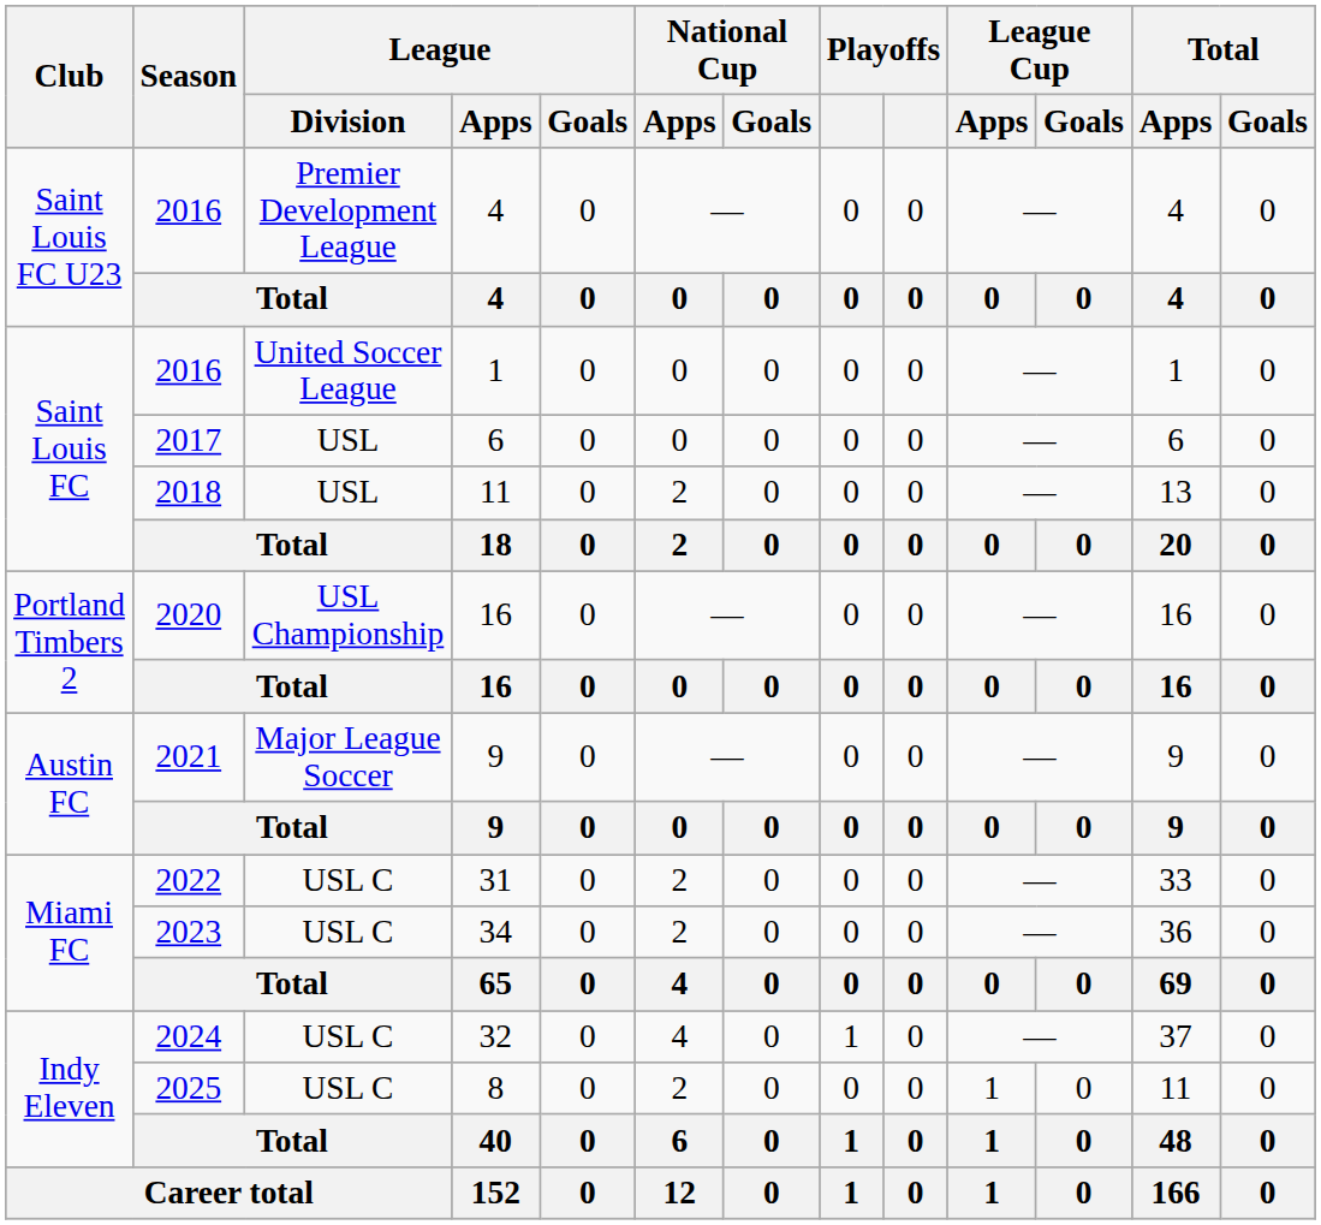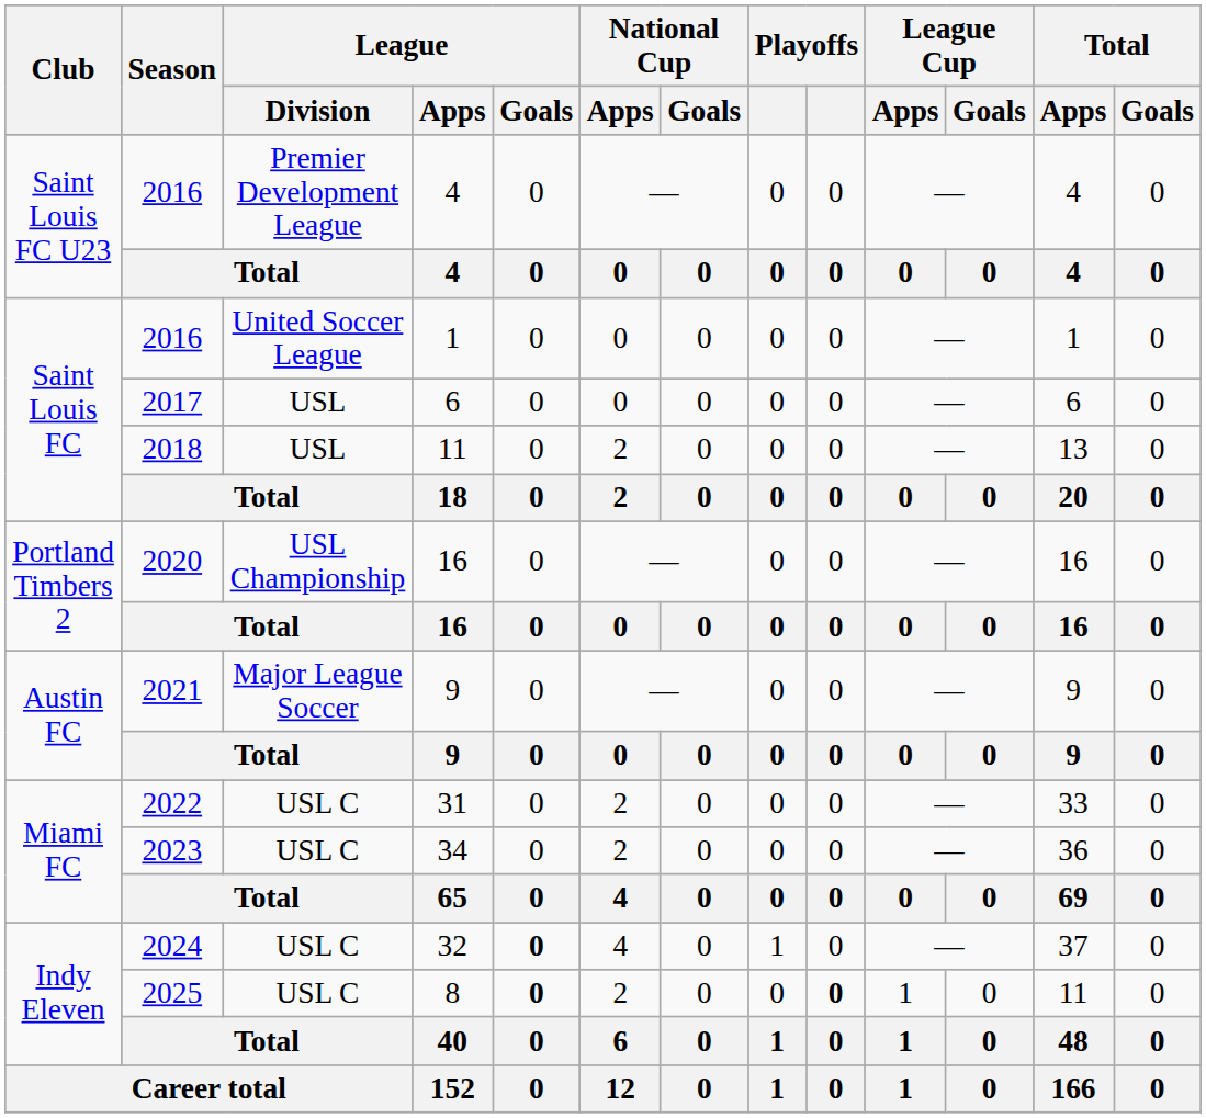 <table class=wikitable style=text-align:center>
 <tr>
 <th rowspan=2>Club</th>
 <th rowspan=2>Season</th>
 <th colspan=3>League</th>
 <th colspan=2>National Cup</th>
 <th colspan="2">Playoffs</th>
 <th colspan="2">League Cup</th>
 <th colspan=2>Total</th>
 </tr>
 <tr>
 <th>Division</th>
 <th>Apps</th>
 <th>Goals</th>
 <th>Apps</th>
 <th>Goals</th>
 <th></th>
 <th></th>
 <th>Apps</th>
 <th>Goals</th>
 <th>Apps</th>
 <th>Goals</th>
 </tr>
 <tr>
 <td rowspan="2"><a href='#'>Saint Louis FC U23</a></td>
 <td><a href='#'>2016</a></td>
 <td><a href='#'>Premier Development League</a></td>
 <td>4</td>
 <td>0</td>
 <td colspan=2>—</td>
 <td>0</td>
 <td>0</td>
 <td colspan="2">—</td>
 <td>4</td>
 <td>0</td>
 </tr>
 <tr>
 <th colspan="2">Total</th>
 <th>4</th>
 <th>0</th>
 <th>0</th>
 <th>0</th>
 <th>0</th>
 <th>0</th>
 <th>0</th>
 <th>0</th>
 <th>4</th>
 <th>0</th>
 </tr>
 <tr>
 <td rowspan="4"><a href='#'>Saint Louis FC</a></td>
 <td><a href='#'>2016</a></td>
 <td><a href='#'>United Soccer League</a></td>
 <td>1</td>
 <td>0</td>
 <td>0</td>
 <td>0</td>
 <td>0</td>
 <td>0</td>
 <td colspan="2">—</td>
 <td>1</td>
 <td>0</td>
 </tr>
 <tr>
 <td><a href='#'>2017</a></td>
 <td>USL</td>
 <td>6</td>
 <td>0</td>
 <td>0</td>
 <td>0</td>
 <td>0</td>
 <td>0</td>
 <td colspan="2">—</td>
 <td>6</td>
 <td>0</td>
 </tr>
 <tr>
 <td><a href='#'>2018</a></td>
 <td>USL</td>
 <td>11</td>
 <td>0</td>
 <td>2</td>
 <td>0</td>
 <td>0</td>
 <td>0</td>
 <td colspan="2">—</td>
 <td>13</td>
 <td>0</td>
 </tr>
 <tr>
 <th colspan="2">Total</th>
 <th>18</th>
 <th>0</th>
 <th>2</th>
 <th>0</th>
 <th>0</th>
 <th>0</th>
 <th>0</th>
 <th>0</th>
 <th>20</th>
 <th>0</th>
 </tr>
 <tr>
 <td rowspan="2"><a href='#'>Portland Timbers 2</a></td>
 <td><a href='#'>2020</a></td>
 <td><a href='#'>USL Championship</a></td>
 <td>16</td>
 <td>0</td>
 <td colspan="2">—</td>
 <td>0</td>
 <td>0</td>
 <td colspan="2">—</td>
 <td>16</td>
 <td>0</td>
 </tr>
 <tr>
 <th colspan="2">Total</th>
 <th>16</th>
 <th>0</th>
 <th>0</th>
 <th>0</th>
 <th>0</th>
 <th>0</th>
 <th>0</th>
 <th>0</th>
 <th>16</th>
 <th>0</th>
 </tr>
 <tr>
 <td rowspan="2"><a href='#'>Austin FC</a></td>
 <td><a href='#'>2021</a></td>
 <td><a href='#'>Major League Soccer</a></td>
 <td>9</td>
 <td>0</td>
 <td colspan="2">—</td>
 <td>0</td>
 <td>0</td>
 <td colspan="2">—</td>
 <td>9</td>
 <td>0</td>
 </tr>
 <tr>
 <th colspan="2">Total</th>
 <th>9</th>
 <th>0</th>
 <th>0</th>
 <th>0</th>
 <th>0</th>
 <th>0</th>
 <th>0</th>
 <th>0</th>
 <th>9</th>
 <th>0</th>
 </tr>
 <tr>
 <td rowspan="3"><a href='#'>Miami FC</a></td>
 <td><a href='#'>2022</a></td>
 <td>USL C</td>
 <td>31</td>
 <td>0</td>
 <td>2</td>
 <td>0</td>
 <td>0</td>
 <td>0</td>
 <td colspan="2">—</td>
 <td>33</td>
 <td>0</td>
 </tr>
 <tr>
 <td><a href='#'>2023</a></td>
 <td>USL C</td>
 <td>34</td>
 <td>0</td>
 <td>2</td>
 <td>0</td>
 <td>0</td>
 <td>0</td>
 <td colspan="2">—</td>
 <td>36</td>
 <td>0</td>
 </tr>
 <tr>
 <th colspan="2">Total</th>
 <th>65</th>
 <th>0</th>
 <th>4</th>
 <th>0</th>
 <th>0</th>
 <th>0</th>
 <th>0</th>
 <th>0</th>
 <th>69</th>
 <th>0</th>
 </tr>
 <tr>
 <td rowspan="3"><a href='#'>Indy Eleven</a></td>
 <td><a href='#'>2024</a></td>
 <td>USL C</td>
 <td>32</td>
-<td>0</td>
+<td><strong>0</strong></td>
 <td>4</td>
 <td>0</td>
 <td>1</td>
 <td>0</td>
 <td colspan="2">—</td>
 <td>37</td>
 <td>0</td>
 </tr>
 <tr>
 <td><a href='#'>2025</a></td>
 <td>USL C</td>
 <td>8</td>
-<td>0</td>
+<td><strong>0</strong></td>
 <td>2</td>
 <td>0</td>
 <td>0</td>
-<td>0</td>
+<td><strong>0</strong></td>
 <td>1</td>
 <td>0</td>
 <td>11</td>
 <td>0</td>
 </tr>
 <tr>
 <th colspan="2">Total</th>
 <th>40</th>
 <th>0</th>
 <th>6</th>
 <th>0</th>
 <th>1</th>
 <th>0</th>
 <th>1</th>
 <th>0</th>
 <th>48</th>
 <th>0</th>
 </tr>
 <tr>
 <th colspan="3">Career total</th>
 <th>152</th>
 <th>0</th>
 <th>12</th>
 <th>0</th>
 <th>1</th>
 <th>0</th>
 <th>1</th>
 <th>0</th>
 <th>166</th>
 <th>0</th>
 </tr>
 </table>
